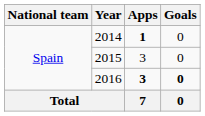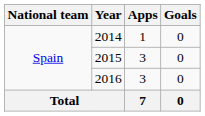 <table class="wikitable" style="text-align:center">
 <tr>
 <th>National team</th>
 <th>Year</th>
 <th>Apps</th>
 <th>Goals</th>
 </tr>
 <tr>
 <td rowspan="3"><a href='#'>Spain</a></td>
 <td>2014</td>
-<td><strong>1</strong></td>
+<td>1</td>
 <td>0</td>
 </tr>
 <tr>
 <td>2015</td>
 <td>3</td>
 <td>0</td>
 </tr>
 <tr>
 <td>2016</td>
-<td><strong>3</strong></td>
-<td><strong>0</strong></td>
+<td>3</td>
+<td>0</td>
 </tr>
 <tr>
 <th colspan="2">Total</th>
 <th>7</th>
 <th>0</th>
 </tr>
 </table>
